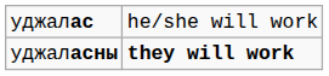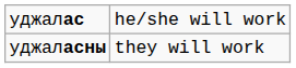 <table class="wikitable">
 <tr>
 <td>уджал<strong>ас</strong></td>
 <td>he/she will work</td>
 </tr>
 <tr>
 <td>уджал<strong>асны</strong></td>
-<td><strong>they will work</strong></td>
+<td>they will work</td>
 </tr>
 </table>
